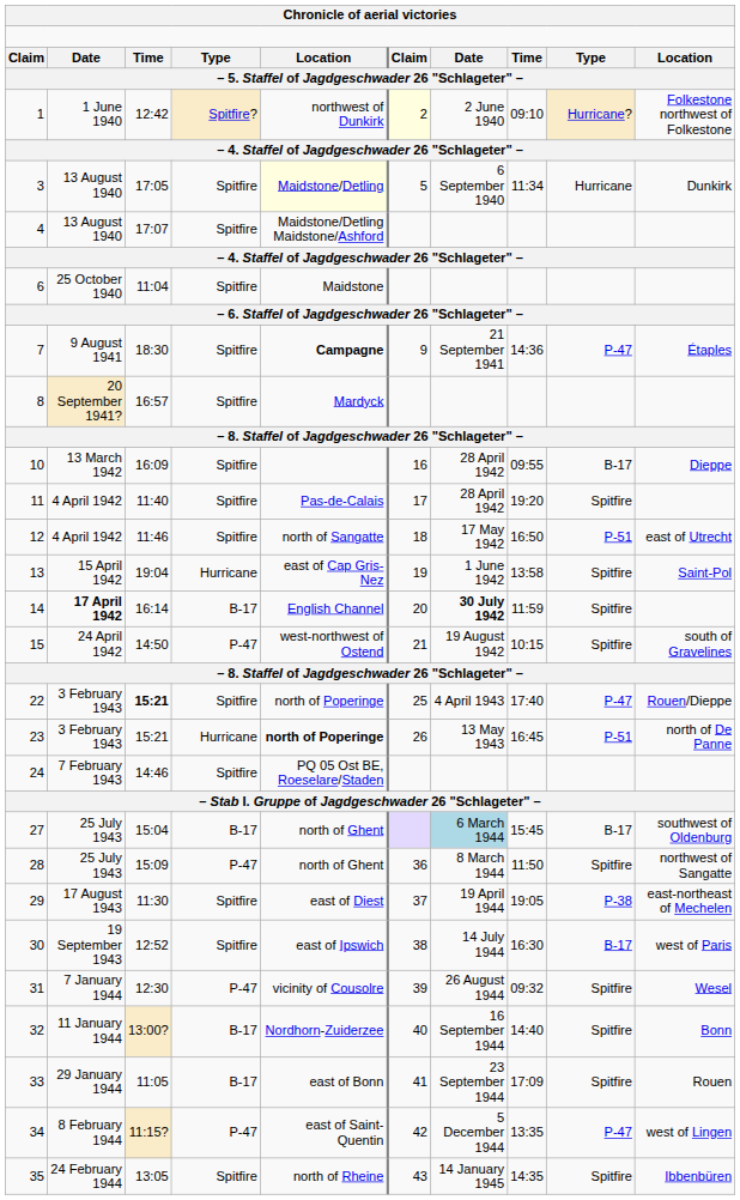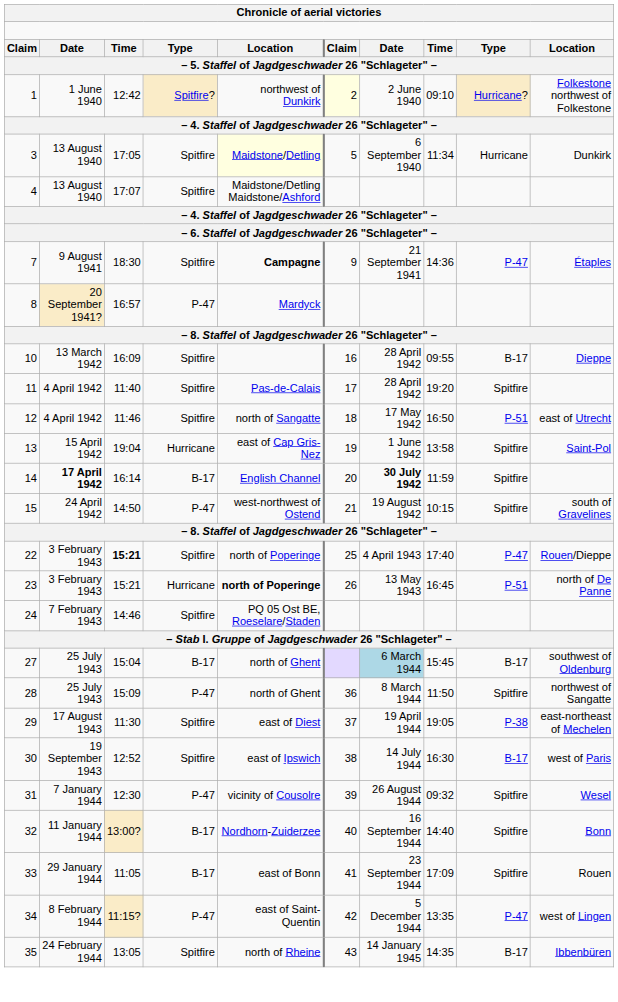 <table class="wikitable plainrowheaders collapsible" style="margin-left: auto; margin-right: auto; border: none; text-align:right; width: 100%;">
 <tr>
 <th colspan="10">Chronicle of aerial victories</th>
 </tr>
 <tr>
 <td colspan="10" style="text-align: left;"><br> </td>
 </tr>
 <tr>
 <th scope="col">Claim</th>
 <th scope="col">Date</th>
 <th scope="col">Time</th>
 <th scope="col" width="100px">Type</th>
 <th scope="col">Location</th>
 <th scope="col" style="border-left: 3px solid grey;">Claim</th>
 <th scope="col">Date</th>
 <th scope="col">Time</th>
 <th scope="col" width="100px">Type</th>
 <th scope="col">Location</th>
 </tr>
 <tr>
 <th colspan="10">– 5. <em>Staffel</em> of <em>Jagdgeschwader</em> 26 "Schlageter" –<br></th>
 </tr>
 <tr>
 <td>1</td>
 <td>1 June 1940</td>
 <td>12:42</td>
 <td style="background:#faecc8"><a href='#'>Spitfire</a>?</td>
 <td>northwest of <a href='#'>Dunkirk</a></td>
 <td style="background: lightyellow; border-left: 3px solid grey;">2</td>
 <td>2 June 1940</td>
 <td>09:10</td>
 <td style="background:#faecc8"><a href='#'>Hurricane</a>?</td>
 <td><a href='#'>Folkestone</a><br> northwest of Folkestone</td>
 </tr>
 <tr>
 <th colspan="10">– 4. <em>Staffel</em> of <em>Jagdgeschwader</em> 26 "Schlageter" –<br></th>
 </tr>
 <tr>
 <td>3</td>
 <td>13 August 1940</td>
 <td>17:05</td>
 <td>Spitfire</td>
 <td style="background: lightyellow;"><a href='#'>Maidstone</a>/<a href='#'>Detling</a></td>
 <td style="border-left: 3px solid grey;">5</td>
 <td>6 September 1940</td>
 <td>11:34</td>
 <td>Hurricane</td>
 <td>Dunkirk</td>
 </tr>
 <tr>
 <td>4</td>
 <td>13 August 1940</td>
 <td>17:07</td>
 <td>Spitfire</td>
 <td>Maidstone/Detling<br>Maidstone/<a href='#'>Ashford</a></td>
 <td style="border-left: 3px solid grey;"></td>
 <td></td>
 <td></td>
 <td></td>
 <td></td>
 </tr>
 <tr>
 <th colspan="10">– 4. <em>Staffel</em> of <em>Jagdgeschwader</em> 26 "Schlageter" –<br></th>
 </tr>
 <tr>
-<td>6</td>
-<td>25 October 1940</td>
-<td>11:04</td>
-<td>Spitfire</td>
-<td>Maidstone</td>
-<td style="border-left: 3px solid grey;"></td>
-<td></td>
-<td></td>
-<td></td>
-<td></td>
-</tr>
-<tr>
 <th colspan="10">– 6. <em>Staffel</em> of <em>Jagdgeschwader</em> 26 "Schlageter" –<br></th>
 </tr>
 <tr>
 <td>7</td>
 <td>9 August 1941</td>
 <td>18:30</td>
 <td>Spitfire</td>
 <td><strong>Campagne</strong></td>
 <td style="border-left: 3px solid grey;">9</td>
 <td>21 September 1941</td>
 <td>14:36</td>
 <td><a href='#'>P-47</a></td>
 <td><a href='#'>Étaples</a></td>
 </tr>
 <tr>
 <td>8</td>
 <td style="background:#faecc8">20 September 1941?</td>
 <td>16:57</td>
-<td>Spitfire</td>
+<td>P-47</td>
 <td><a href='#'>Mardyck</a></td>
 <td style="border-left: 3px solid grey;"></td>
 <td></td>
 <td></td>
 <td></td>
 <td></td>
 </tr>
 <tr>
 <th colspan="10">– 8. <em>Staffel</em> of <em>Jagdgeschwader</em> 26 "Schlageter" –<br></th>
 </tr>
 <tr>
 <td>10</td>
 <td>13 March 1942</td>
 <td>16:09</td>
 <td>Spitfire</td>
 <td></td>
 <td style="border-left: 3px solid grey;">16</td>
 <td>28 April 1942</td>
 <td>09:55</td>
 <td>B-17</td>
 <td><a href='#'>Dieppe</a></td>
 </tr>
 <tr>
 <td>11</td>
 <td>4 April 1942</td>
 <td>11:40</td>
 <td>Spitfire</td>
 <td><a href='#'>Pas-de-Calais</a></td>
 <td style="border-left: 3px solid grey;">17</td>
 <td>28 April 1942</td>
 <td>19:20</td>
 <td>Spitfire</td>
 <td></td>
 </tr>
 <tr>
 <td>12</td>
 <td>4 April 1942</td>
 <td>11:46</td>
 <td>Spitfire</td>
 <td> north of <a href='#'>Sangatte</a></td>
 <td style="border-left: 3px solid grey;">18</td>
 <td>17 May 1942</td>
 <td>16:50</td>
 <td><a href='#'>P-51</a></td>
 <td>east of <a href='#'>Utrecht</a></td>
 </tr>
 <tr>
 <td>13</td>
 <td>15 April 1942</td>
 <td>19:04</td>
 <td>Hurricane</td>
 <td>east of <a href='#'>Cap Gris-Nez</a></td>
 <td style="border-left: 3px solid grey;">19</td>
 <td>1 June 1942</td>
 <td>13:58</td>
 <td>Spitfire</td>
 <td><a href='#'>Saint-Pol</a></td>
 </tr>
 <tr>
 <td>14</td>
 <td><strong>17 April 1942</strong></td>
 <td>16:14</td>
 <td>B-17</td>
 <td><a href='#'>English Channel</a></td>
 <td style="border-left: 3px solid grey;">20</td>
 <td><strong>30 July 1942</strong></td>
 <td>11:59</td>
 <td>Spitfire</td>
 <td></td>
 </tr>
 <tr>
 <td>15</td>
 <td>24 April 1942</td>
 <td>14:50</td>
 <td>P-47</td>
 <td> west-northwest of <a href='#'>Ostend</a></td>
 <td style="border-left: 3px solid grey;">21</td>
 <td>19 August 1942</td>
 <td>10:15</td>
 <td>Spitfire</td>
 <td>south of <a href='#'>Gravelines</a></td>
 </tr>
 <tr>
 <th colspan="10">– 8. <em>Staffel</em> of <em>Jagdgeschwader</em> 26 "Schlageter" –<br></th>
 </tr>
 <tr>
 <td>22</td>
 <td>3 February 1943</td>
 <td><strong>15:21</strong></td>
 <td>Spitfire</td>
 <td>north of <a href='#'>Poperinge</a></td>
 <td style="border-left: 3px solid grey;">25</td>
 <td>4 April 1943</td>
 <td>17:40</td>
 <td><a href='#'>P-47</a></td>
 <td><a href='#'>Rouen</a>/Dieppe</td>
 </tr>
 <tr>
 <td>23</td>
 <td>3 February 1943</td>
 <td>15:21</td>
 <td>Hurricane</td>
 <td><strong>north of Poperinge</strong></td>
 <td style="border-left: 3px solid grey;">26</td>
 <td>13 May 1943</td>
 <td>16:45</td>
 <td><a href='#'>P-51</a></td>
 <td> north of <a href='#'>De Panne</a></td>
 </tr>
 <tr>
 <td>24</td>
 <td>7 February 1943</td>
 <td>14:46</td>
 <td>Spitfire</td>
 <td>PQ 05 Ost BE, <a href='#'>Roeselare</a>/<a href='#'>Staden</a></td>
 <td style="border-left: 3px solid grey;"></td>
 <td></td>
 <td></td>
 <td></td>
 <td></td>
 </tr>
 <tr>
 <th colspan="10">– <em>Stab</em> I. <em>Gruppe</em> of <em>Jagdgeschwader</em> 26 "Schlageter" –<br></th>
 </tr>
 <tr>
 <td>27</td>
 <td>25 July 1943</td>
 <td>15:04</td>
 <td>B-17</td>
 <td>north of <a href='#'>Ghent</a></td>
 <td style="border-left: 3px solid grey; background:#e3d9ff;"></td>
 <td style="background: lightblue;">6 March 1944</td>
 <td>15:45</td>
 <td>B-17</td>
 <td>southwest of <a href='#'>Oldenburg</a></td>
 </tr>
 <tr>
 <td>28</td>
 <td>25 July 1943</td>
 <td>15:09</td>
 <td>P-47</td>
 <td>north of Ghent</td>
 <td style="border-left: 3px solid grey;">36</td>
 <td>8 March 1944</td>
 <td>11:50</td>
 <td>Spitfire</td>
 <td> northwest of Sangatte</td>
 </tr>
 <tr>
 <td>29</td>
 <td>17 August 1943</td>
 <td>11:30</td>
 <td>Spitfire</td>
 <td> east of <a href='#'>Diest</a></td>
 <td style="border-left: 3px solid grey;">37</td>
 <td>19 April 1944</td>
 <td>19:05</td>
 <td><a href='#'>P-38</a></td>
 <td>east-northeast of <a href='#'>Mechelen</a></td>
 </tr>
 <tr>
 <td>30</td>
 <td>19 September 1943</td>
 <td>12:52</td>
 <td>Spitfire</td>
 <td>east of <a href='#'>Ipswich</a></td>
 <td style="border-left: 3px solid grey;">38</td>
 <td>14 July 1944</td>
 <td>16:30</td>
 <td><a href='#'>B-17</a></td>
 <td>west of <a href='#'>Paris</a></td>
 </tr>
 <tr>
 <td>31</td>
 <td>7 January 1944</td>
 <td>12:30</td>
 <td>P-47</td>
 <td>vicinity of <a href='#'>Cousolre</a></td>
 <td style="border-left: 3px solid grey;">39</td>
 <td>26 August 1944</td>
 <td>09:32</td>
 <td>Spitfire</td>
 <td><a href='#'>Wesel</a></td>
 </tr>
 <tr>
 <td>32</td>
 <td>11 January 1944</td>
 <td style="background:#faecc8">13:00?</td>
 <td>B-17</td>
 <td><a href='#'>Nordhorn</a>-<a href='#'>Zuiderzee</a></td>
 <td style="border-left: 3px solid grey;">40</td>
 <td>16 September 1944</td>
 <td>14:40</td>
 <td>Spitfire</td>
 <td><a href='#'>Bonn</a></td>
 </tr>
 <tr>
 <td>33</td>
 <td>29 January 1944</td>
 <td>11:05</td>
 <td>B-17</td>
 <td>east of Bonn</td>
 <td style="border-left: 3px solid grey;">41</td>
 <td>23 September 1944</td>
 <td>17:09</td>
 <td>Spitfire</td>
 <td>Rouen</td>
 </tr>
 <tr>
 <td>34</td>
 <td>8 February 1944</td>
 <td style="background:#faecc8">11:15?</td>
 <td>P-47</td>
 <td>east of Saint-Quentin</td>
 <td style="border-left: 3px solid grey;">42</td>
 <td>5 December 1944</td>
 <td>13:35</td>
 <td><a href='#'>P-47</a></td>
 <td>west of <a href='#'>Lingen</a></td>
 </tr>
 <tr>
 <td>35</td>
 <td>24 February 1944</td>
 <td>13:05</td>
 <td>Spitfire</td>
 <td>north of <a href='#'>Rheine</a></td>
 <td style="border-left: 3px solid grey;">43</td>
 <td>14 January 1945</td>
 <td>14:35</td>
-<td>Spitfire</td>
+<td>B-17</td>
 <td><a href='#'>Ibbenbüren</a></td>
 </tr>
 </table>
